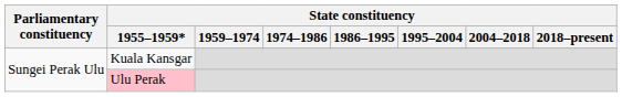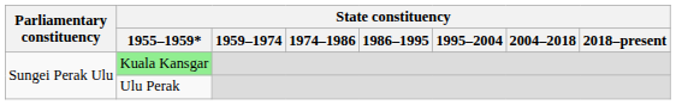 <table class="wikitable">
 <tr>
 <th rowspan="2">Parliamentary<br>constituency</th>
 <th colspan="7">State constituency</th>
 </tr>
 <tr>
 <th>1955–1959*</th>
 <th>1959–1974</th>
 <th>1974–1986</th>
 <th>1986–1995</th>
 <th>1995–2004</th>
 <th>2004–2018</th>
 <th>2018–present</th>
 </tr>
 <tr>
 <td rowspan="2">Sungei Perak Ulu</td>
-<td>Kuala Kansgar</td>
+<td style="background: lightgreen;">Kuala Kansgar</td>
 <td colspan="6" bgcolor="dcdcdc"></td>
 </tr>
 <tr>
-<td style="background: pink;">Ulu Perak</td>
+<td>Ulu Perak</td>
 <td colspan="6" bgcolor="dcdcdc"></td>
 </tr>
 </table>
